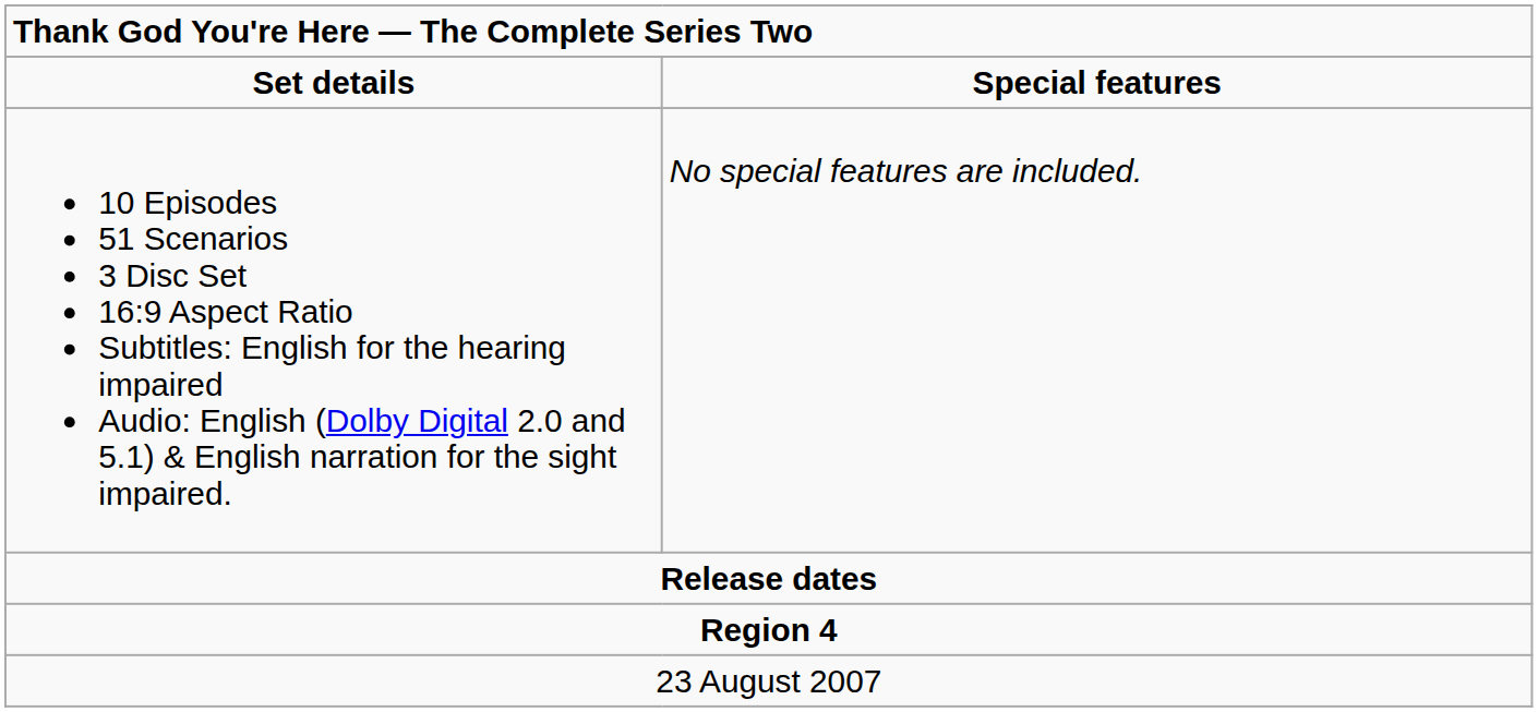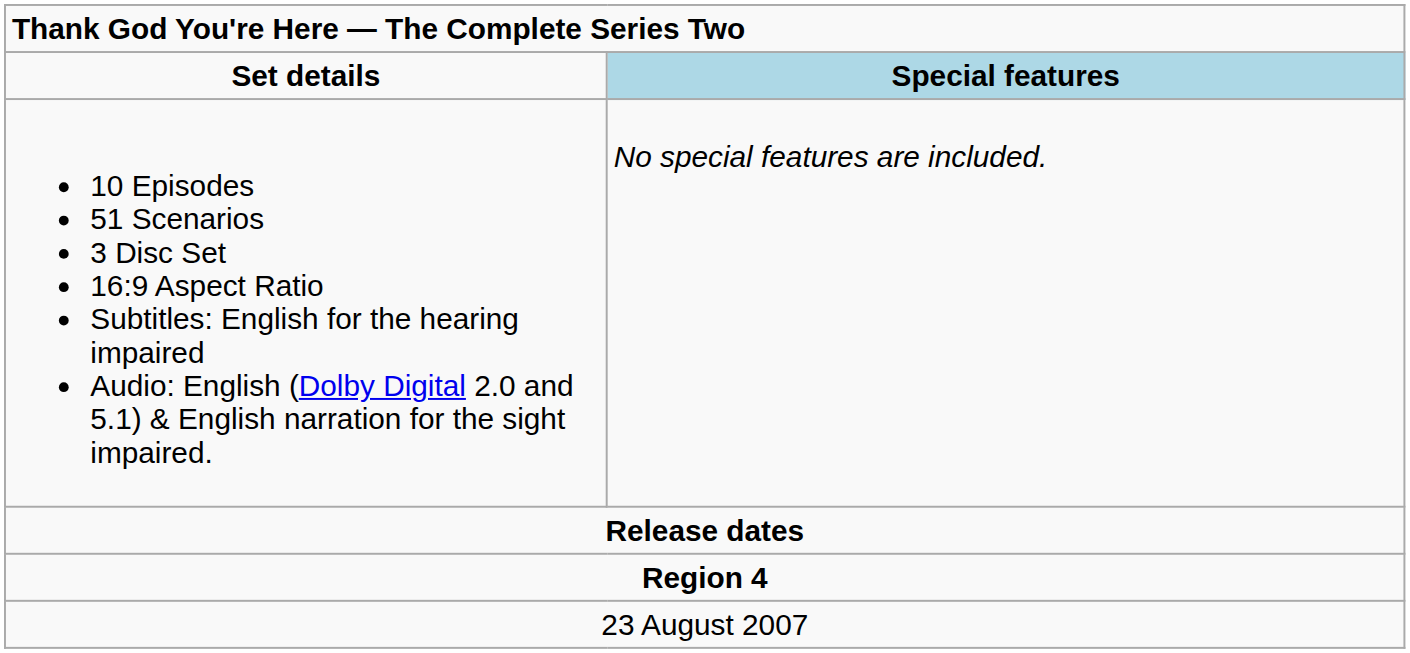 <table class="wikitable" style="font-size: 95%;">
 <tr>
 <td colspan="3"><strong>Thank God You're Here — The Complete Series Two</strong></td>
 </tr>
 <tr style="text-align:center;">
 <td style="width:300px; "><strong>Set details</strong></td>
-<td style="width:400px; "><strong>Special features</strong></td>
+<td style="background: lightblue; width:400px; "><strong>Special features</strong></td>
 </tr>
 <tr valign="top">
 <td style="text-align:left; width:300px;"><br><ul><li>10 Episodes</li><li>51 Scenarios</li><li>3 Disc Set</li><li>16:9 Aspect Ratio</li><li>Subtitles: English for the hearing impaired</li><li>Audio: English (<a href='#'>Dolby Digital</a> 2.0 and 5.1) & English narration for the sight impaired.</li></ul></td>
 <td style="text-align:left; width:400px;"><br><em>No special features are included.</em></td>
 </tr>
 <tr>
 <td colspan="3" style="text-align:center;"><strong>Release dates</strong></td>
 </tr>
 <tr>
 <td colspan="3" style="text-align:center;"><strong>Region 4</strong></td>
 </tr>
 <tr>
 <td colspan="3" style="text-align:center;">23 August 2007</td>
 </tr>
 </table>
